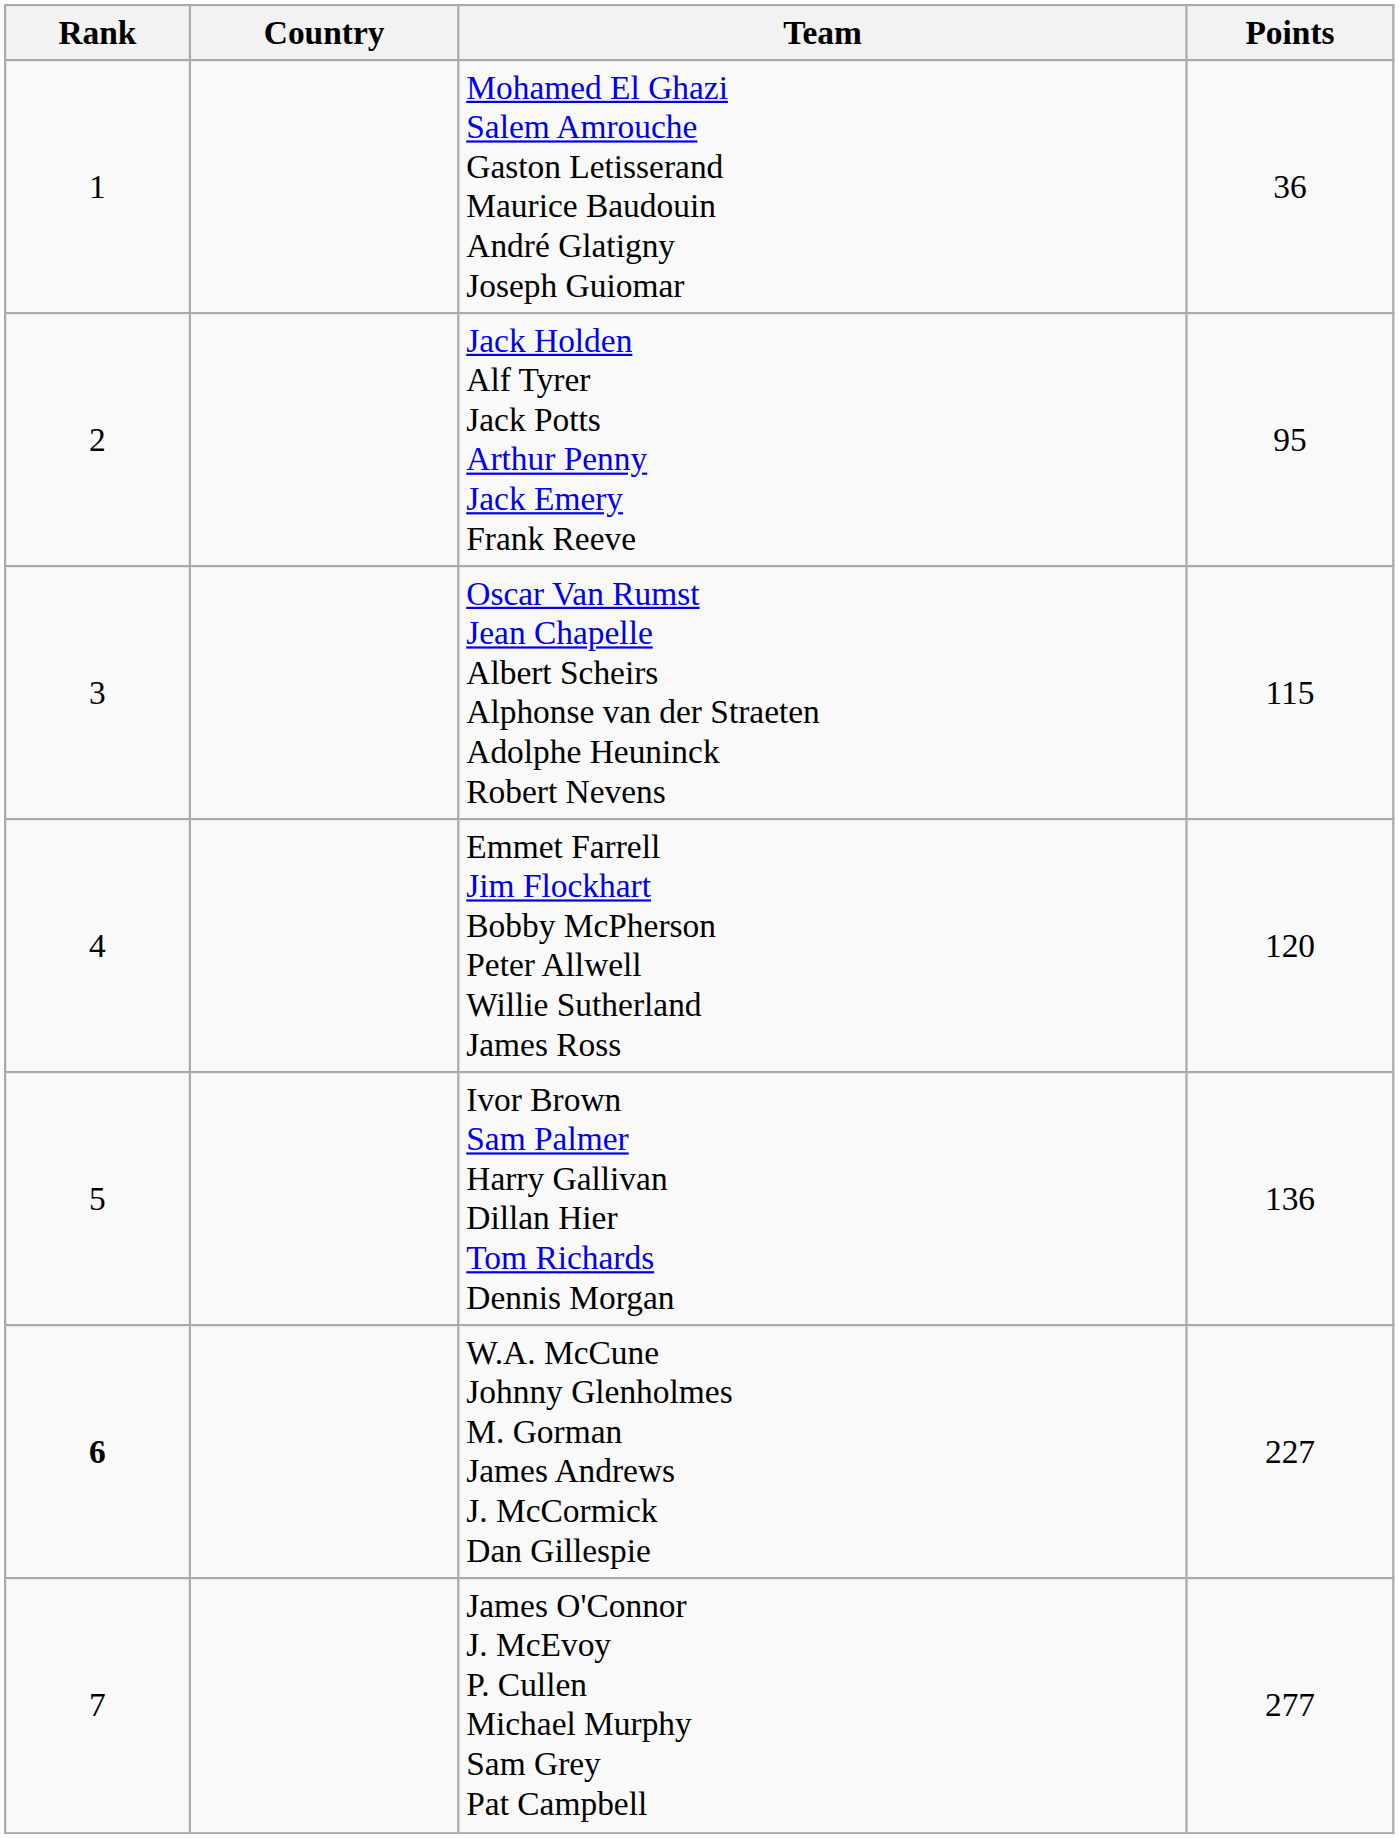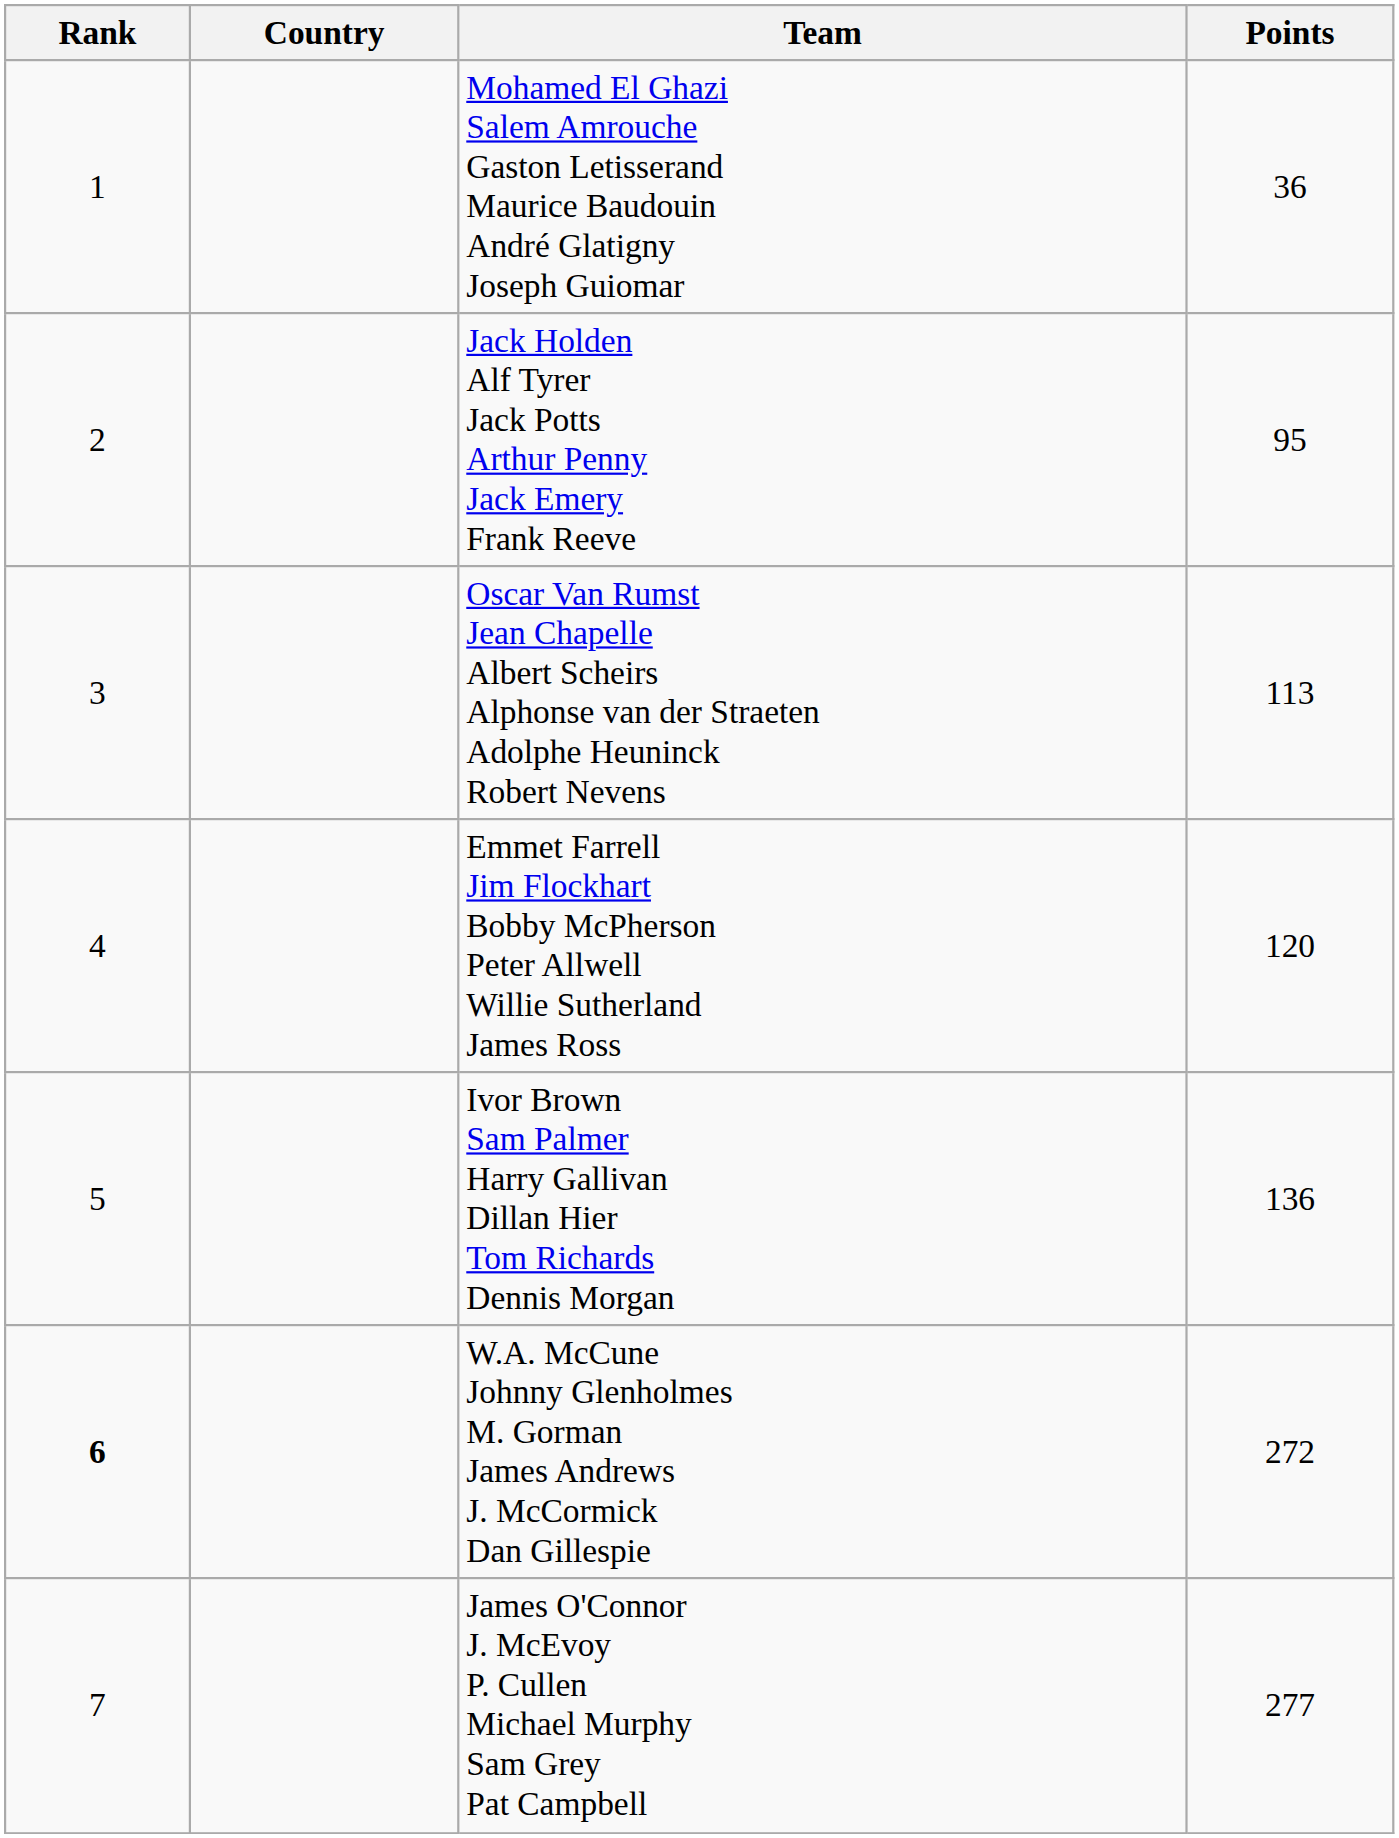 <table class="wikitable sortable" style=" text-align:center; font-size:95%;" width="50%">
 <tr>
 <th>Rank</th>
 <th>Country</th>
 <th>Team</th>
 <th>Points</th>
 </tr>
 <tr>
 <td align=center>1</td>
 <td align=left></td>
 <td align=left><a href='#'>Mohamed El Ghazi</a><br><a href='#'>Salem Amrouche</a><br>Gaston Letisserand<br>Maurice Baudouin<br>André Glatigny<br>Joseph Guiomar</td>
 <td>36</td>
 </tr>
 <tr>
 <td align=center>2</td>
 <td align=left></td>
 <td align=left><a href='#'>Jack Holden</a><br>Alf Tyrer<br>Jack Potts<br><a href='#'>Arthur Penny</a><br><a href='#'>Jack Emery</a><br>Frank Reeve</td>
 <td>95</td>
 </tr>
 <tr>
 <td align=center>3</td>
 <td align=left></td>
 <td align=left><a href='#'>Oscar Van Rumst</a><br><a href='#'>Jean Chapelle</a><br>Albert Scheirs<br>Alphonse van der Straeten<br>Adolphe Heuninck<br>Robert Nevens</td>
-<td>115</td>
+<td>113</td>
 </tr>
 <tr>
 <td align=center>4</td>
 <td align=left></td>
 <td align=left>Emmet Farrell<br><a href='#'>Jim Flockhart</a><br>Bobby McPherson<br>Peter Allwell<br>Willie Sutherland<br>James Ross</td>
 <td>120</td>
 </tr>
 <tr>
 <td align=center>5</td>
 <td align=left></td>
 <td align=left>Ivor Brown<br><a href='#'>Sam Palmer</a><br>Harry Gallivan<br>Dillan Hier<br><a href='#'>Tom Richards</a><br>Dennis Morgan</td>
 <td>136</td>
 </tr>
 <tr>
 <td align=center><strong>6</strong></td>
 <td align=left></td>
 <td align=left>W.A. McCune<br>Johnny Glenholmes<br>M. Gorman<br>James Andrews<br>J. McCormick<br>Dan Gillespie</td>
-<td>227</td>
+<td>272</td>
 </tr>
 <tr>
 <td align=center>7</td>
 <td align=left></td>
 <td align=left>James O'Connor<br>J. McEvoy<br>P. Cullen<br>Michael Murphy<br>Sam Grey<br>Pat Campbell</td>
 <td>277</td>
 </tr>
 </table>
